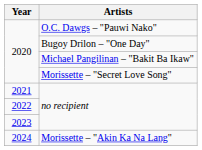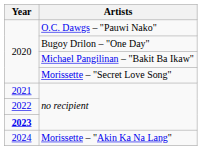 <table class="wikitable sortable"  style="width:50%;">
 <tr>
 <th width=5%  scope="col">Year</th>
 <th ! width=40%  scope="col">Artists</th>
 </tr>
 <tr>
 <td rowspan=4 align="center">2020</td>
 <td><a href='#'>O.C. Dawgs</a> – "Pauwi Nako"</td>
 </tr>
 <tr>
 <td>Bugoy Drilon – "One Day"</td>
 </tr>
 <tr>
 <td><a href='#'>Michael Pangilinan</a> – "Bakit Ba Ikaw"</td>
 </tr>
 <tr>
 <td><a href='#'>Morissette</a> – "Secret Love Song"</td>
 </tr>
 <tr>
 <td align="center"><a href='#'>2021</a></td>
 <td rowspan=3><em>no recipient</em></td>
 </tr>
 <tr>
 <td align="center"><a href='#'>2022</a></td>
 </tr>
 <tr>
-<td align="center"><a href='#'>2023</a></td>
+<td align="center"><strong><a href='#'>2023</a></strong></td>
 </tr>
 <tr>
 <td align="center"><a href='#'>2024</a></td>
 <td><a href='#'>Morissette</a> – "<a href='#'>Akin Ka Na Lang</a>"</td>
 </tr>
 </table>
